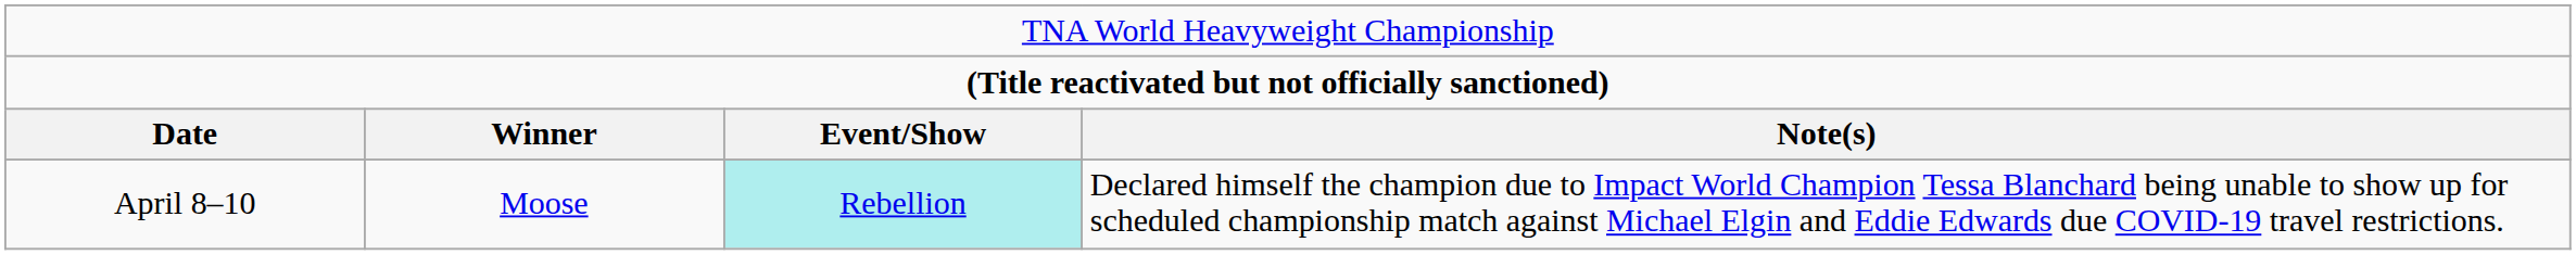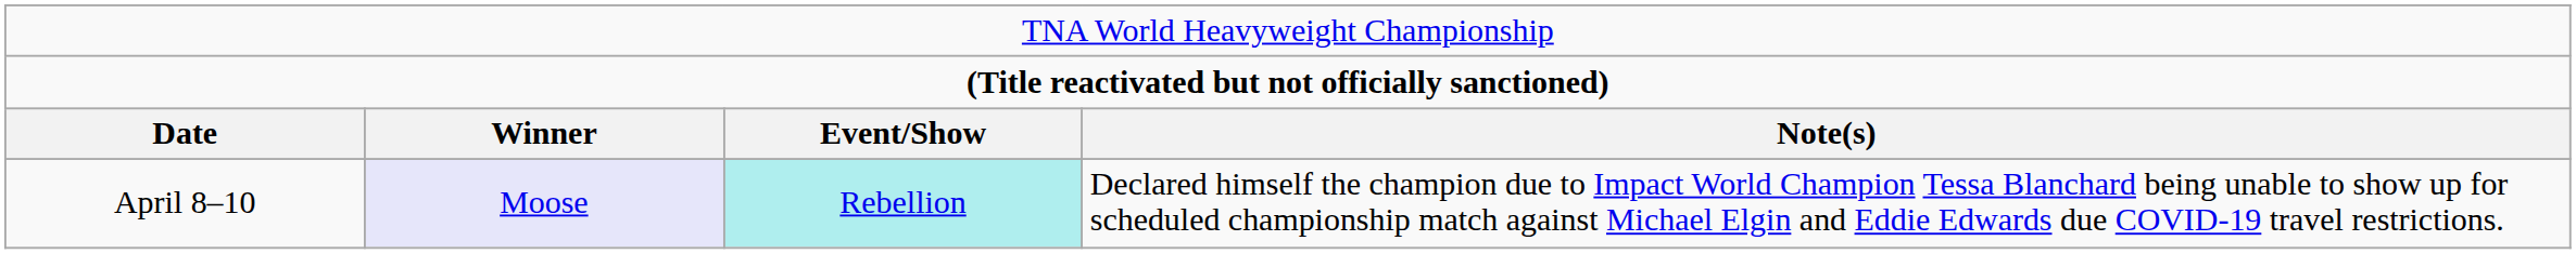 <table class="wikitable" style="text-align:center; width:100%;">
 <tr>
 <td colspan="4" style="text-align: center;"><a href='#'>TNA World Heavyweight Championship</a></td>
 </tr>
 <tr>
 <td colspan="4" style="text-align: center;"><strong>(Title reactivated but not officially sanctioned)</strong></td>
 </tr>
 <tr>
 <th width=14%>Date</th>
 <th width=14%>Winner</th>
 <th width=14%>Event/Show</th>
 <th width=58%>Note(s)</th>
 </tr>
 <tr>
 <td>April 8–10<br></td>
-<td><a href='#'>Moose</a></td>
+<td style="background: lavender;"><a href='#'>Moose</a></td>
 <td style="background: paleturquoise;"><a href='#'>Rebellion</a><br></td>
 <td align=left>Declared himself the champion due to <a href='#'>Impact World Champion</a> <a href='#'>Tessa Blanchard</a> being unable to show up for scheduled championship match against <a href='#'>Michael Elgin</a> and <a href='#'>Eddie Edwards</a> due <a href='#'>COVID-19</a> travel restrictions.</td>
 </tr>
 </table>
